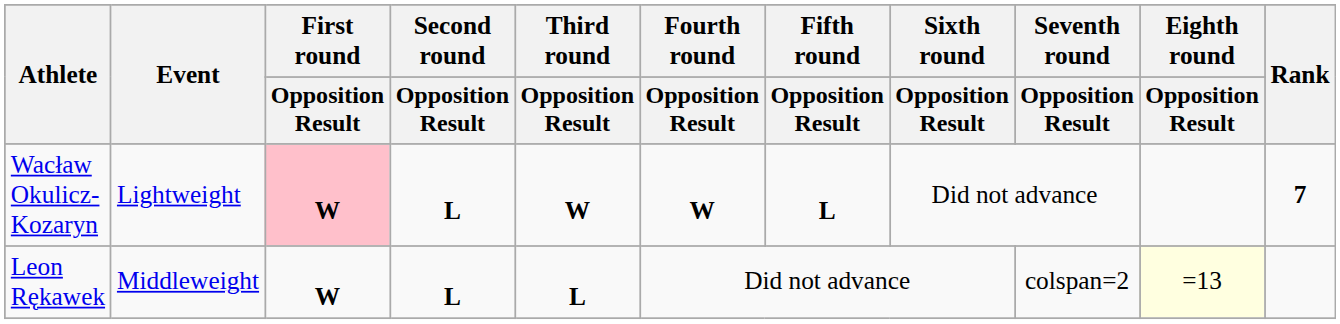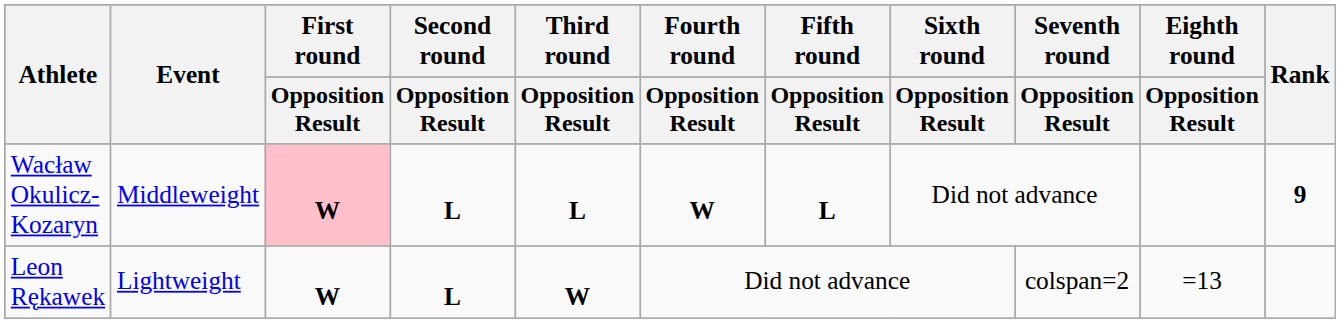 <table class="wikitable" style="font-size:90%;">
 <tr>
 <th rowspan=2>Athlete</th>
 <th rowspan=2>Event</th>
 <th>First round</th>
 <th>Second round</th>
 <th>Third round</th>
 <th>Fourth round</th>
 <th>Fifth round</th>
 <th>Sixth round</th>
 <th>Seventh round</th>
 <th>Eighth round</th>
 <th rowspan=2>Rank</th>
 </tr>
 <tr style="font-size: 95%">
 <th>Opposition<br>Result</th>
 <th>Opposition<br>Result</th>
 <th>Opposition<br>Result</th>
 <th>Opposition<br>Result</th>
 <th>Opposition<br>Result</th>
 <th>Opposition<br>Result</th>
 <th>Opposition<br>Result</th>
 <th>Opposition<br>Result</th>
 </tr>
 <tr align=center>
 <td align=left><a href='#'>Wacław Okulicz-Kozaryn</a></td>
-<td align=left><a href='#'>Lightweight</a></td>
+<td align=left><a href='#'>Middleweight</a></td>
 <td style="background: pink;"> <br> <strong>W</strong></td>
 <td> <br> <strong>L</strong></td>
-<td> <br> <strong>W</strong></td>
+<td> <br> <strong>L</strong></td>
 <td> <br> <strong>W</strong></td>
 <td> <br> <strong>L</strong></td>
 <td colspan=2>Did not advance</td>
 <td></td>
-<td><strong>7</strong></td>
+<td><strong>9</strong></td>
 </tr>
 <tr align=center>
 <td align=left><a href='#'>Leon Rękawek</a></td>
-<td align=left><a href='#'>Middleweight</a></td>
+<td align=left><a href='#'>Lightweight</a></td>
 <td> <br> <strong>W</strong></td>
 <td> <br> <strong>L</strong></td>
-<td> <br> <strong>L</strong></td>
+<td> <br> <strong>W</strong></td>
 <td colspan=3>Did not advance</td>
 <td>colspan=2 </td>
-<td style="background: lightyellow;">=13</td>
+<td>=13</td>
 </tr>
 </table>
